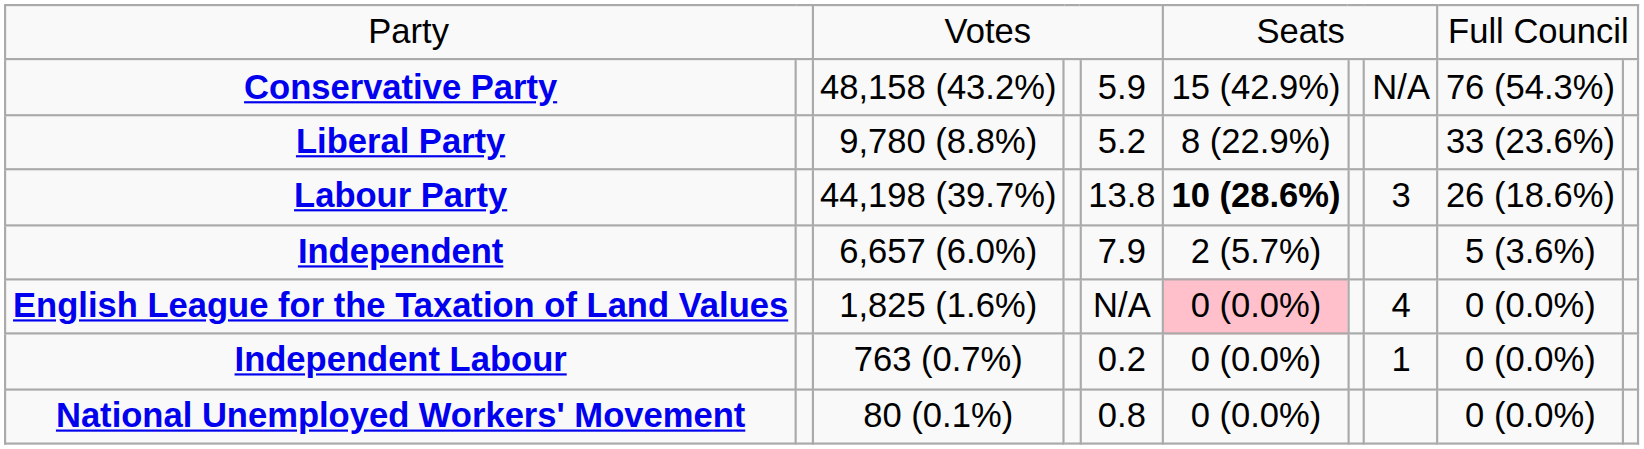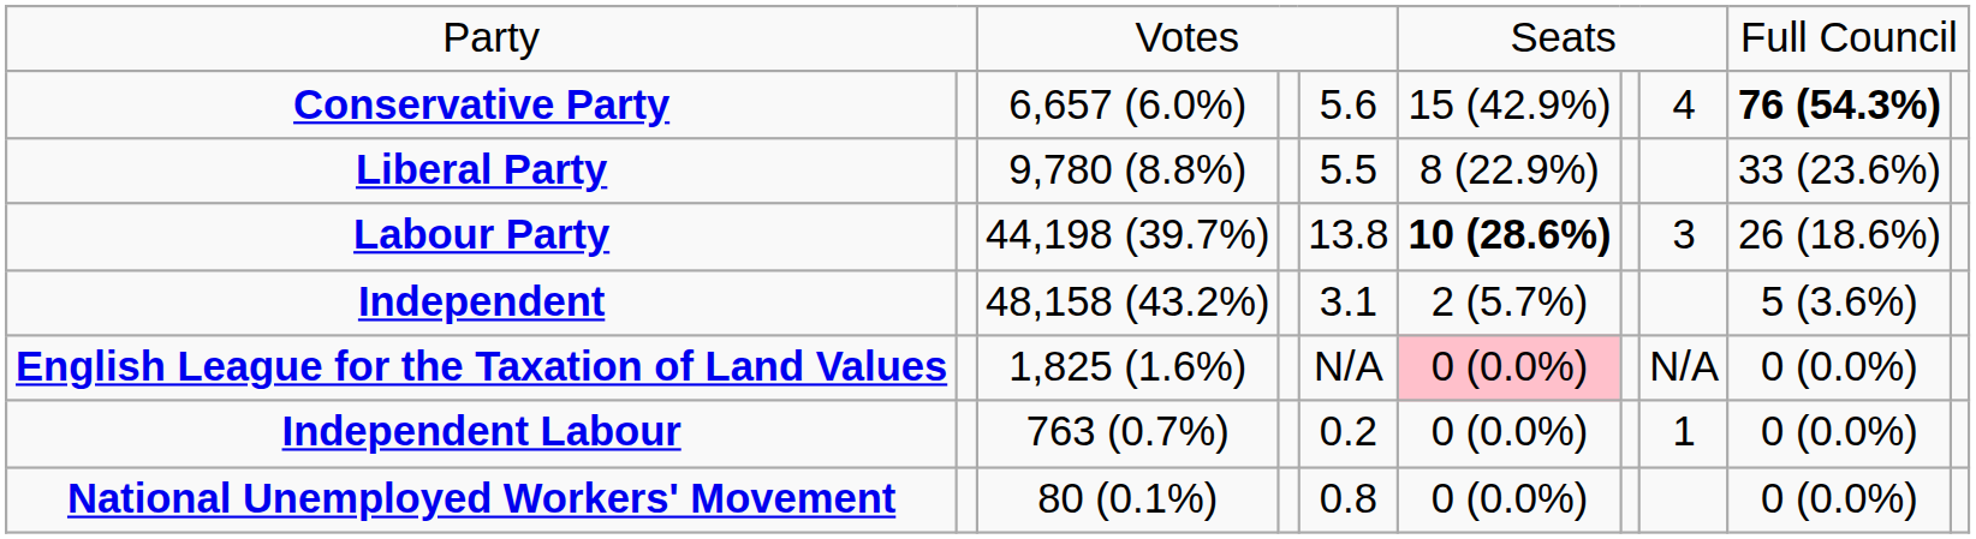 <table class=wikitable style="text-align:center;">
 <tr>
 <td colspan=2>Party</td>
 <td colspan=3>Votes</td>
 <td colspan=3>Seats</td>
 <td colspan=3>Full Council</td>
 </tr>
 <tr>
 <td><strong><a href='#'>Conservative Party</a></strong></td>
 <td style="background:"></td>
-<td>48,158 (43.2%)</td>
+<td>6,657 (6.0%)</td>
 <td></td>
-<td> 5.9</td>
+<td> 5.6</td>
 <td>15 (42.9%)</td>
 <td></td>
-<td>N/A</td>
-<td>76 (54.3%)</td>
+<td> 4</td>
+<td><strong>76 (54.3%)</strong></td>
 <td></td>
 </tr>
 <tr>
 <td><strong><a href='#'>Liberal Party</a></strong></td>
 <td style="background:"></td>
 <td>9,780 (8.8%)</td>
 <td></td>
-<td> 5.2</td>
+<td> 5.5</td>
 <td>8 (22.9%)</td>
 <td></td>
 <td></td>
 <td>33 (23.6%)</td>
 <td></td>
 </tr>
 <tr>
 <td><strong><a href='#'>Labour Party</a></strong></td>
 <td style="background:"></td>
 <td>44,198 (39.7%)</td>
 <td></td>
 <td> 13.8</td>
 <td><strong>10 (28.6%)</strong></td>
 <td></td>
 <td> 3</td>
 <td>26 (18.6%)</td>
 <td></td>
 </tr>
 <tr>
 <td><strong><a href='#'>Independent</a></strong></td>
 <td style="background:"></td>
-<td>6,657 (6.0%)</td>
+<td>48,158 (43.2%)</td>
 <td></td>
-<td> 7.9</td>
+<td> 3.1</td>
 <td>2 (5.7%)</td>
 <td></td>
 <td></td>
 <td>5 (3.6%)</td>
 <td></td>
 </tr>
 <tr>
 <td><strong><a href='#'>English League for the Taxation of Land Values</a></strong></td>
 <td style="background:"></td>
 <td>1,825 (1.6%)</td>
 <td></td>
 <td>N/A</td>
 <td style="background: pink;">0 (0.0%)</td>
 <td></td>
-<td> 4</td>
+<td>N/A</td>
 <td>0 (0.0%)</td>
 <td></td>
 </tr>
 <tr>
 <td><strong><a href='#'>Independent Labour</a></strong></td>
 <td style="background:"></td>
 <td>763 (0.7%)</td>
 <td></td>
 <td> 0.2</td>
 <td>0 (0.0%)</td>
 <td></td>
 <td> 1</td>
 <td>0 (0.0%)</td>
 <td></td>
 </tr>
 <tr>
 <td><strong><a href='#'>National Unemployed Workers' Movement</a></strong></td>
 <td style="background:"></td>
 <td>80 (0.1%)</td>
 <td></td>
 <td> 0.8</td>
 <td>0 (0.0%)</td>
 <td></td>
 <td></td>
 <td>0 (0.0%)</td>
 <td></td>
 </tr>
 </table>
